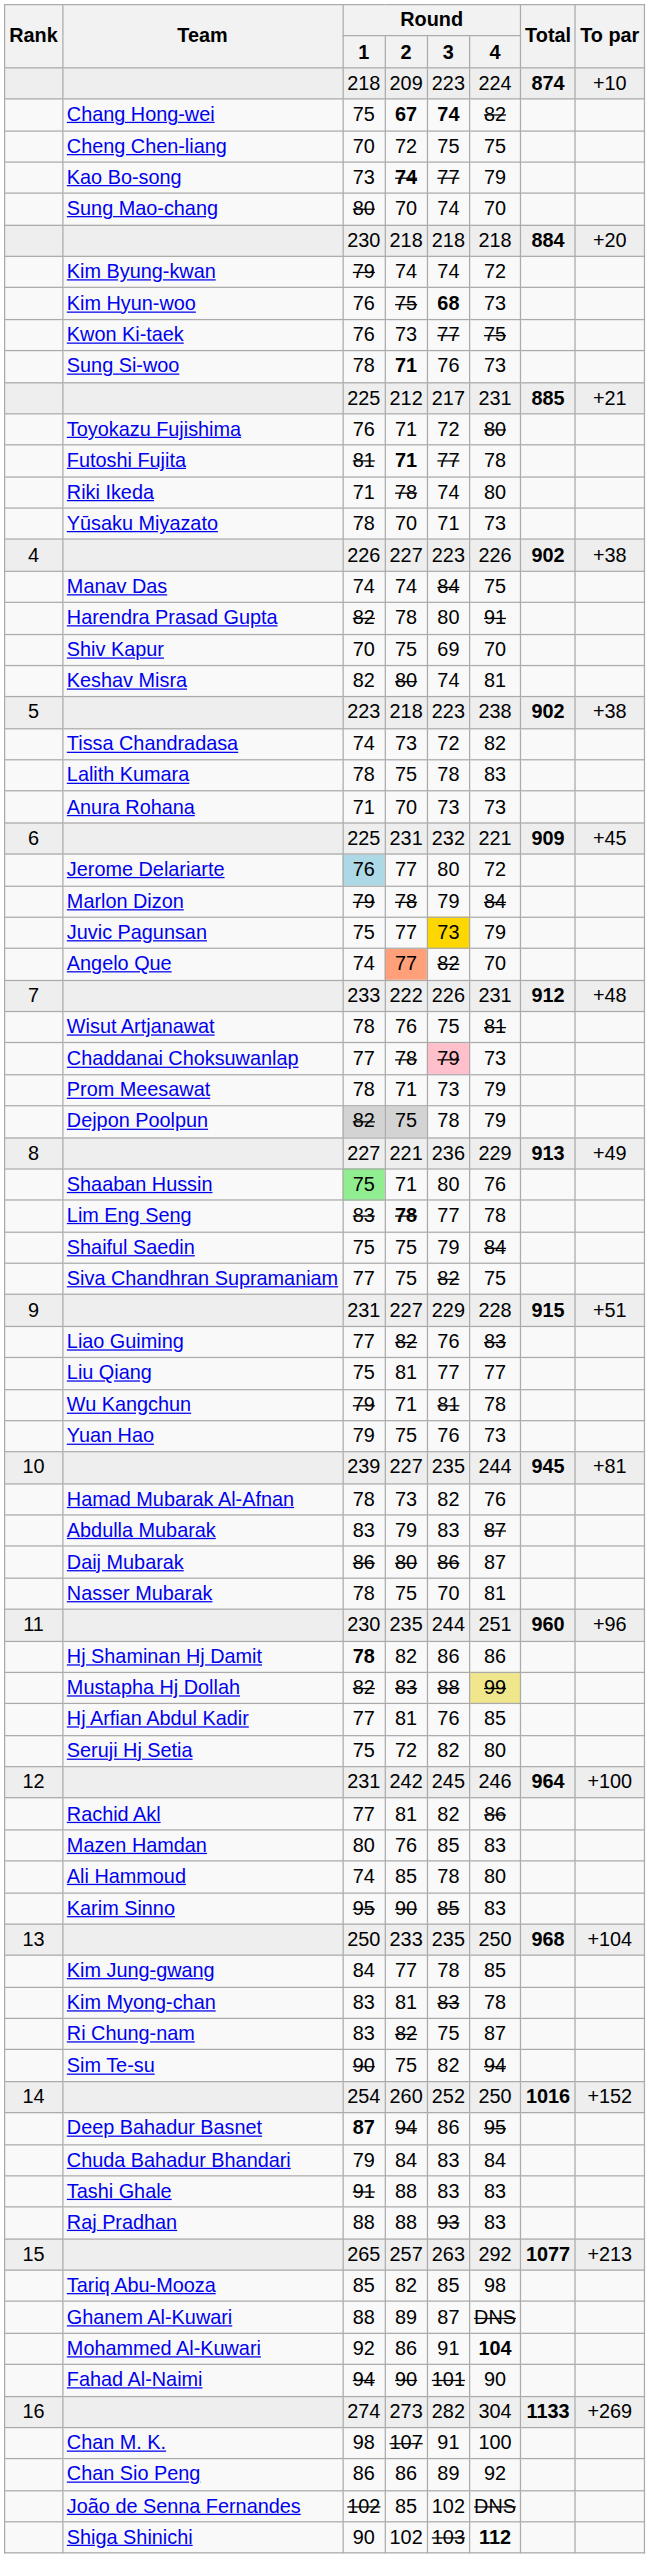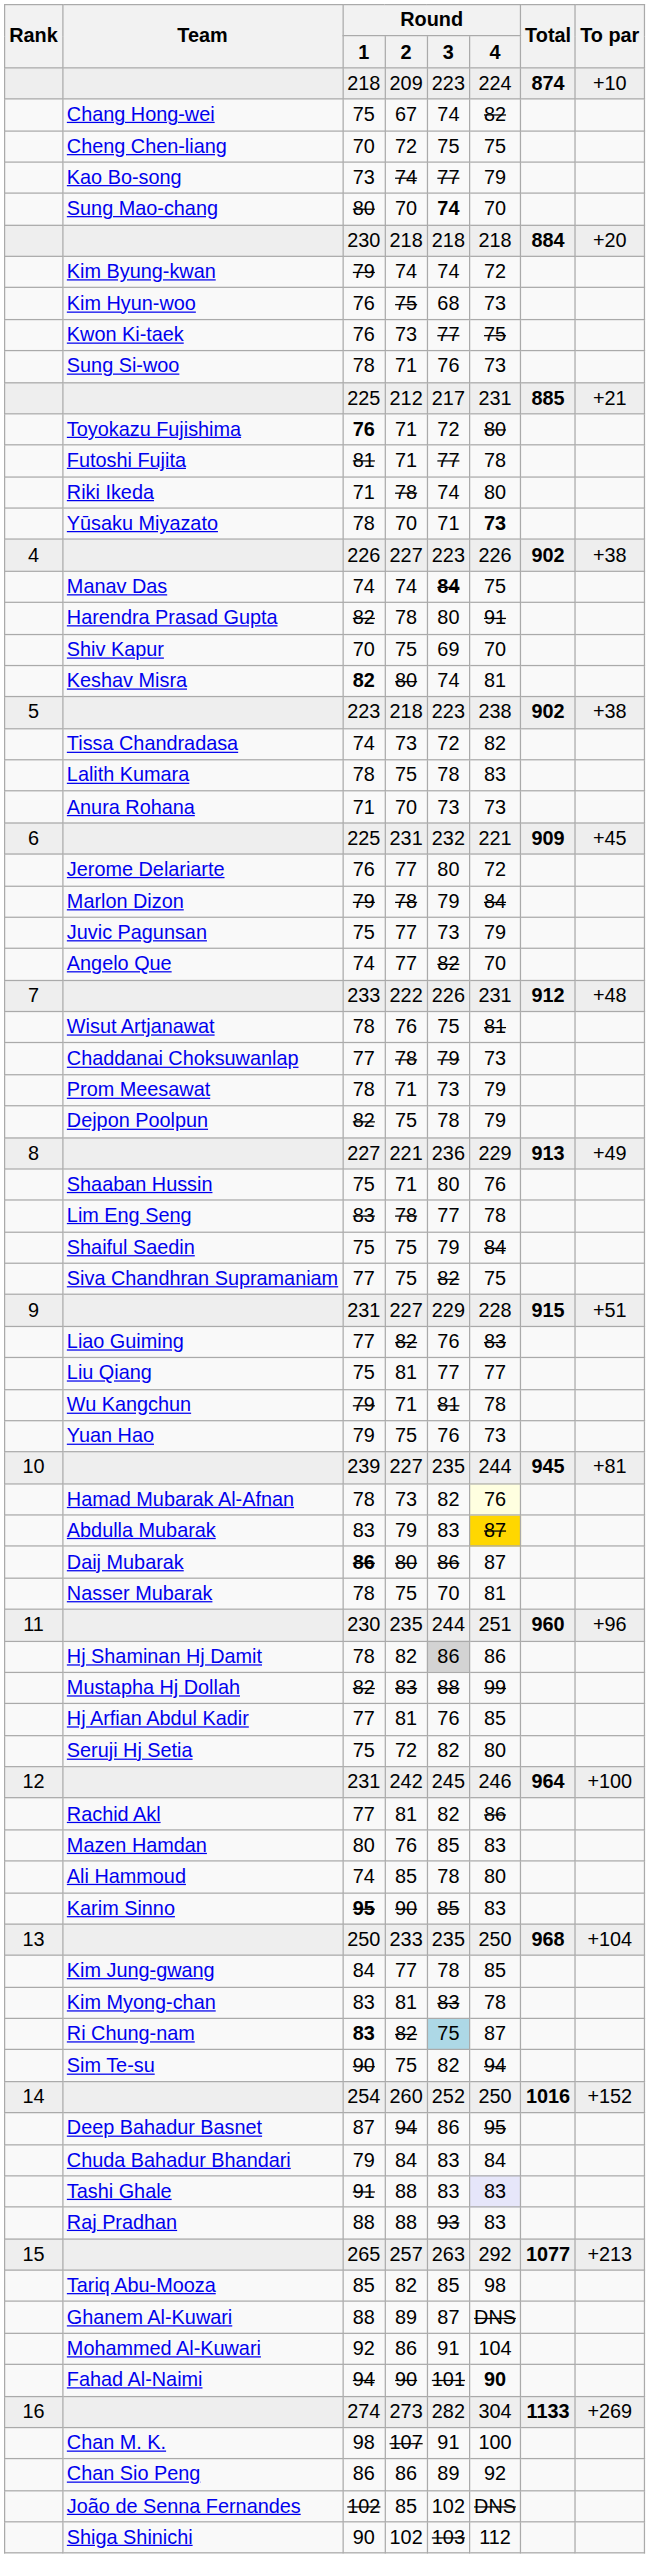 <table class=wikitable style="text-align:center">
 <tr>
 <th rowspan="2">Rank</th>
 <th rowspan="2">Team</th>
 <th colspan="4">Round</th>
 <th rowspan="2">Total</th>
 <th rowspan="2">To par</th>
 </tr>
 <tr>
 <th>1</th>
 <th>2</th>
 <th>3</th>
 <th>4</th>
 </tr>
 <tr style="background:#eeeeee;">
 <td></td>
 <td align=left></td>
 <td>218</td>
 <td>209</td>
 <td>223</td>
 <td>224</td>
 <td><strong>874</strong></td>
 <td>+10</td>
 </tr>
 <tr>
 <td></td>
 <td align=left><a href='#'>Chang Hong-wei</a></td>
 <td>75</td>
-<td><strong>67</strong></td>
-<td><strong>74</strong></td>
+<td>67</td>
+<td>74</td>
 <td><s>82</s></td>
 <td></td>
 <td></td>
 </tr>
 <tr>
 <td></td>
 <td align=left><a href='#'>Cheng Chen-liang</a></td>
 <td>70</td>
 <td>72</td>
 <td>75</td>
 <td>75</td>
 <td></td>
 <td></td>
 </tr>
 <tr>
 <td></td>
 <td align=left><a href='#'>Kao Bo-song</a></td>
 <td>73</td>
-<td><strong><s>74</s></strong></td>
+<td><s>74</s></td>
 <td><s>77</s></td>
 <td>79</td>
 <td></td>
 <td></td>
 </tr>
 <tr>
 <td></td>
 <td align=left><a href='#'>Sung Mao-chang</a></td>
 <td><s>80</s></td>
 <td>70</td>
-<td>74</td>
+<td><strong>74</strong></td>
 <td>70</td>
 <td></td>
 <td></td>
 </tr>
 <tr style="background:#eeeeee;">
 <td></td>
 <td align=left></td>
 <td>230</td>
 <td>218</td>
 <td>218</td>
 <td>218</td>
 <td><strong>884</strong></td>
 <td>+20</td>
 </tr>
 <tr>
 <td></td>
 <td align=left><a href='#'>Kim Byung-kwan</a></td>
 <td><s>79</s></td>
 <td>74</td>
 <td>74</td>
 <td>72</td>
 <td></td>
 <td></td>
 </tr>
 <tr>
 <td></td>
 <td align=left><a href='#'>Kim Hyun-woo</a></td>
 <td>76</td>
 <td><s>75</s></td>
-<td><strong>68</strong></td>
+<td>68</td>
 <td>73</td>
 <td></td>
 <td></td>
 </tr>
 <tr>
 <td></td>
 <td align=left><a href='#'>Kwon Ki-taek</a></td>
 <td>76</td>
 <td>73</td>
 <td><s>77</s></td>
 <td><s>75</s></td>
 <td></td>
 <td></td>
 </tr>
 <tr>
 <td></td>
 <td align=left><a href='#'>Sung Si-woo</a></td>
 <td>78</td>
-<td><strong>71</strong></td>
+<td>71</td>
 <td>76</td>
 <td>73</td>
 <td></td>
 <td></td>
 </tr>
 <tr style="background:#eeeeee;">
 <td></td>
 <td align=left></td>
 <td>225</td>
 <td>212</td>
 <td>217</td>
 <td>231</td>
 <td><strong>885</strong></td>
 <td>+21</td>
 </tr>
 <tr>
 <td></td>
 <td align=left><a href='#'>Toyokazu Fujishima</a></td>
-<td>76</td>
+<td><strong>76</strong></td>
 <td>71</td>
 <td>72</td>
 <td><s>80</s></td>
 <td></td>
 <td></td>
 </tr>
 <tr>
 <td></td>
 <td align=left><a href='#'>Futoshi Fujita</a></td>
 <td><s>81</s></td>
-<td><strong>71</strong></td>
+<td>71</td>
 <td><s>77</s></td>
 <td>78</td>
 <td></td>
 <td></td>
 </tr>
 <tr>
 <td></td>
 <td align=left><a href='#'>Riki Ikeda</a></td>
 <td>71</td>
 <td><s>78</s></td>
 <td>74</td>
 <td>80</td>
 <td></td>
 <td></td>
 </tr>
 <tr>
 <td></td>
 <td align=left><a href='#'>Yūsaku Miyazato</a></td>
 <td>78</td>
 <td>70</td>
 <td>71</td>
-<td>73</td>
+<td><strong>73</strong></td>
 <td></td>
 <td></td>
 </tr>
 <tr style="background:#eeeeee;">
 <td>4</td>
 <td align=left></td>
 <td>226</td>
 <td>227</td>
 <td>223</td>
 <td>226</td>
 <td><strong>902</strong></td>
 <td>+38</td>
 </tr>
 <tr>
 <td></td>
 <td align=left><a href='#'>Manav Das</a></td>
 <td>74</td>
 <td>74</td>
-<td><s>84</s></td>
+<td><strong><s>84</s></strong></td>
 <td>75</td>
 <td></td>
 <td></td>
 </tr>
 <tr>
 <td></td>
 <td align=left><a href='#'>Harendra Prasad Gupta</a></td>
 <td><s>82</s></td>
 <td>78</td>
 <td>80</td>
 <td><s>91</s></td>
 <td></td>
 <td></td>
 </tr>
 <tr>
 <td></td>
 <td align=left><a href='#'>Shiv Kapur</a></td>
 <td>70</td>
 <td>75</td>
 <td>69</td>
 <td>70</td>
 <td></td>
 <td></td>
 </tr>
 <tr>
 <td></td>
 <td align=left><a href='#'>Keshav Misra</a></td>
-<td>82</td>
+<td><strong>82</strong></td>
 <td><s>80</s></td>
 <td>74</td>
 <td>81</td>
 <td></td>
 <td></td>
 </tr>
 <tr style="background:#eeeeee;">
 <td>5</td>
 <td align=left></td>
 <td>223</td>
 <td>218</td>
 <td>223</td>
 <td>238</td>
 <td><strong>902</strong></td>
 <td>+38</td>
 </tr>
 <tr>
 <td></td>
 <td align=left><a href='#'>Tissa Chandradasa</a></td>
 <td>74</td>
 <td>73</td>
 <td>72</td>
 <td>82</td>
 <td></td>
 <td></td>
 </tr>
 <tr>
 <td></td>
 <td align=left><a href='#'>Lalith Kumara</a></td>
 <td>78</td>
 <td>75</td>
 <td>78</td>
 <td>83</td>
 <td></td>
 <td></td>
 </tr>
 <tr>
 <td></td>
 <td align=left><a href='#'>Anura Rohana</a></td>
 <td>71</td>
 <td>70</td>
 <td>73</td>
 <td>73</td>
 <td></td>
 <td></td>
 </tr>
 <tr style="background:#eeeeee;">
 <td>6</td>
 <td align=left></td>
 <td>225</td>
 <td>231</td>
 <td>232</td>
 <td>221</td>
 <td><strong>909</strong></td>
 <td>+45</td>
 </tr>
 <tr>
 <td></td>
 <td align=left><a href='#'>Jerome Delariarte</a></td>
-<td style="background: lightblue;">76</td>
+<td>76</td>
 <td>77</td>
 <td>80</td>
 <td>72</td>
 <td></td>
 <td></td>
 </tr>
 <tr>
 <td></td>
 <td align=left><a href='#'>Marlon Dizon</a></td>
 <td><s>79</s></td>
 <td><s>78</s></td>
 <td>79</td>
 <td><s>84</s></td>
 <td></td>
 <td></td>
 </tr>
 <tr>
 <td></td>
 <td align=left><a href='#'>Juvic Pagunsan</a></td>
 <td>75</td>
 <td>77</td>
-<td style="background: gold;">73</td>
+<td>73</td>
 <td>79</td>
 <td></td>
 <td></td>
 </tr>
 <tr>
 <td></td>
 <td align=left><a href='#'>Angelo Que</a></td>
 <td>74</td>
-<td style="background: lightsalmon;">77</td>
+<td>77</td>
 <td><s>82</s></td>
 <td>70</td>
 <td></td>
 <td></td>
 </tr>
 <tr style="background:#eeeeee;">
 <td>7</td>
 <td align=left></td>
 <td>233</td>
 <td>222</td>
 <td>226</td>
 <td>231</td>
 <td><strong>912</strong></td>
 <td>+48</td>
 </tr>
 <tr>
 <td></td>
 <td align=left><a href='#'>Wisut Artjanawat</a></td>
 <td>78</td>
 <td>76</td>
 <td>75</td>
 <td><s>81</s></td>
 <td></td>
 <td></td>
 </tr>
 <tr>
 <td></td>
 <td align=left><a href='#'>Chaddanai Choksuwanlap</a></td>
 <td>77</td>
 <td><s>78</s></td>
-<td style="background: pink;"><s>79</s></td>
+<td><s>79</s></td>
 <td>73</td>
 <td></td>
 <td></td>
 </tr>
 <tr>
 <td></td>
 <td align=left><a href='#'>Prom Meesawat</a></td>
 <td>78</td>
 <td>71</td>
 <td>73</td>
 <td>79</td>
 <td></td>
 <td></td>
 </tr>
 <tr>
 <td></td>
 <td align=left><a href='#'>Dejpon Poolpun</a></td>
-<td style="background: lightgrey;"><s>82</s></td>
-<td style="background: lightgrey;">75</td>
+<td><s>82</s></td>
+<td>75</td>
 <td>78</td>
 <td>79</td>
 <td></td>
 <td></td>
 </tr>
 <tr style="background:#eeeeee;">
 <td>8</td>
 <td align=left></td>
 <td>227</td>
 <td>221</td>
 <td>236</td>
 <td>229</td>
 <td><strong>913</strong></td>
 <td>+49</td>
 </tr>
 <tr>
 <td></td>
 <td align=left><a href='#'>Shaaban Hussin</a></td>
-<td style="background: lightgreen;">75</td>
+<td>75</td>
 <td>71</td>
 <td>80</td>
 <td>76</td>
 <td></td>
 <td></td>
 </tr>
 <tr>
 <td></td>
 <td align=left><a href='#'>Lim Eng Seng</a></td>
 <td><s>83</s></td>
-<td><strong><s>78</s></strong></td>
+<td><s>78</s></td>
 <td>77</td>
 <td>78</td>
 <td></td>
 <td></td>
 </tr>
 <tr>
 <td></td>
 <td align=left><a href='#'>Shaiful Saedin</a></td>
 <td>75</td>
 <td>75</td>
 <td>79</td>
 <td><s>84</s></td>
 <td></td>
 <td></td>
 </tr>
 <tr>
 <td></td>
 <td align=left><a href='#'>Siva Chandhran Supramaniam</a></td>
 <td>77</td>
 <td>75</td>
 <td><s>82</s></td>
 <td>75</td>
 <td></td>
 <td></td>
 </tr>
 <tr style="background:#eeeeee;">
 <td>9</td>
 <td align=left></td>
 <td>231</td>
 <td>227</td>
 <td>229</td>
 <td>228</td>
 <td><strong>915</strong></td>
 <td>+51</td>
 </tr>
 <tr>
 <td></td>
 <td align=left><a href='#'>Liao Guiming</a></td>
 <td>77</td>
 <td><s>82</s></td>
 <td>76</td>
 <td><s>83</s></td>
 <td></td>
 <td></td>
 </tr>
 <tr>
 <td></td>
 <td align=left><a href='#'>Liu Qiang</a></td>
 <td>75</td>
 <td>81</td>
 <td>77</td>
 <td>77</td>
 <td></td>
 <td></td>
 </tr>
 <tr>
 <td></td>
 <td align=left><a href='#'>Wu Kangchun</a></td>
 <td><s>79</s></td>
 <td>71</td>
 <td><s>81</s></td>
 <td>78</td>
 <td></td>
 <td></td>
 </tr>
 <tr>
 <td></td>
 <td align=left><a href='#'>Yuan Hao</a></td>
 <td>79</td>
 <td>75</td>
 <td>76</td>
 <td>73</td>
 <td></td>
 <td></td>
 </tr>
 <tr style="background:#eeeeee;">
 <td>10</td>
 <td align=left></td>
 <td>239</td>
 <td>227</td>
 <td>235</td>
 <td>244</td>
 <td><strong>945</strong></td>
 <td>+81</td>
 </tr>
 <tr>
 <td></td>
 <td align=left><a href='#'>Hamad Mubarak Al-Afnan</a></td>
 <td>78</td>
 <td>73</td>
 <td>82</td>
-<td>76</td>
+<td style="background: lightyellow;">76</td>
 <td></td>
 <td></td>
 </tr>
 <tr>
 <td></td>
 <td align=left><a href='#'>Abdulla Mubarak</a></td>
 <td>83</td>
 <td>79</td>
 <td>83</td>
-<td><s>87</s></td>
+<td style="background: gold;"><s>87</s></td>
 <td></td>
 <td></td>
 </tr>
 <tr>
 <td></td>
 <td align=left><a href='#'>Daij Mubarak</a></td>
-<td><s>86</s></td>
+<td><strong><s>86</s></strong></td>
 <td><s>80</s></td>
 <td><s>86</s></td>
 <td>87</td>
 <td></td>
 <td></td>
 </tr>
 <tr>
 <td></td>
 <td align=left><a href='#'>Nasser Mubarak</a></td>
 <td>78</td>
 <td>75</td>
 <td>70</td>
 <td>81</td>
 <td></td>
 <td></td>
 </tr>
 <tr style="background:#eeeeee;">
 <td>11</td>
 <td align=left></td>
 <td>230</td>
 <td>235</td>
 <td>244</td>
 <td>251</td>
 <td><strong>960</strong></td>
 <td>+96</td>
 </tr>
 <tr>
 <td></td>
 <td align=left><a href='#'>Hj Shaminan Hj Damit</a></td>
-<td><strong>78</strong></td>
+<td>78</td>
 <td>82</td>
-<td>86</td>
+<td style="background: lightgrey;">86</td>
 <td>86</td>
 <td></td>
 <td></td>
 </tr>
 <tr>
 <td></td>
 <td align=left><a href='#'>Mustapha Hj Dollah</a></td>
 <td><s>82</s></td>
 <td><s>83</s></td>
 <td><s>88</s></td>
-<td style="background: khaki;"><s>99</s></td>
+<td><s>99</s></td>
 <td></td>
 <td></td>
 </tr>
 <tr>
 <td></td>
 <td align=left><a href='#'>Hj Arfian Abdul Kadir</a></td>
 <td>77</td>
 <td>81</td>
 <td>76</td>
 <td>85</td>
 <td></td>
 <td></td>
 </tr>
 <tr>
 <td></td>
 <td align=left><a href='#'>Seruji Hj Setia</a></td>
 <td>75</td>
 <td>72</td>
 <td>82</td>
 <td>80</td>
 <td></td>
 <td></td>
 </tr>
 <tr style="background:#eeeeee;">
 <td>12</td>
 <td align=left></td>
 <td>231</td>
 <td>242</td>
 <td>245</td>
 <td>246</td>
 <td><strong>964</strong></td>
 <td>+100</td>
 </tr>
 <tr>
 <td></td>
 <td align=left><a href='#'>Rachid Akl</a></td>
 <td>77</td>
 <td>81</td>
 <td>82</td>
 <td><s>86</s></td>
 <td></td>
 <td></td>
 </tr>
 <tr>
 <td></td>
 <td align=left><a href='#'>Mazen Hamdan</a></td>
 <td>80</td>
 <td>76</td>
 <td>85</td>
 <td>83</td>
 <td></td>
 <td></td>
 </tr>
 <tr>
 <td></td>
 <td align=left><a href='#'>Ali Hammoud</a></td>
 <td>74</td>
 <td>85</td>
 <td>78</td>
 <td>80</td>
 <td></td>
 <td></td>
 </tr>
 <tr>
 <td></td>
 <td align=left><a href='#'>Karim Sinno</a></td>
-<td><s>95</s></td>
+<td><strong><s>95</s></strong></td>
 <td><s>90</s></td>
 <td><s>85</s></td>
 <td>83</td>
 <td></td>
 <td></td>
 </tr>
 <tr style="background:#eeeeee;">
 <td>13</td>
 <td align=left></td>
 <td>250</td>
 <td>233</td>
 <td>235</td>
 <td>250</td>
 <td><strong>968</strong></td>
 <td>+104</td>
 </tr>
 <tr>
 <td></td>
 <td align=left><a href='#'>Kim Jung-gwang</a></td>
 <td>84</td>
 <td>77</td>
 <td>78</td>
 <td>85</td>
 <td></td>
 <td></td>
 </tr>
 <tr>
 <td></td>
 <td align=left><a href='#'>Kim Myong-chan</a></td>
 <td>83</td>
 <td>81</td>
 <td><s>83</s></td>
 <td>78</td>
 <td></td>
 <td></td>
 </tr>
 <tr>
 <td></td>
 <td align=left><a href='#'>Ri Chung-nam</a></td>
-<td>83</td>
+<td><strong>83</strong></td>
 <td><s>82</s></td>
-<td>75</td>
+<td style="background: lightblue;">75</td>
 <td>87</td>
 <td></td>
 <td></td>
 </tr>
 <tr>
 <td></td>
 <td align=left><a href='#'>Sim Te-su</a></td>
 <td><s>90</s></td>
 <td>75</td>
 <td>82</td>
 <td><s>94</s></td>
 <td></td>
 <td></td>
 </tr>
 <tr style="background:#eeeeee;">
 <td>14</td>
 <td align=left></td>
 <td>254</td>
 <td>260</td>
 <td>252</td>
 <td>250</td>
 <td><strong>1016</strong></td>
 <td>+152</td>
 </tr>
 <tr>
 <td></td>
 <td align=left><a href='#'>Deep Bahadur Basnet</a></td>
-<td><strong>87</strong></td>
+<td>87</td>
 <td><s>94</s></td>
 <td>86</td>
 <td><s>95</s></td>
 <td></td>
 <td></td>
 </tr>
 <tr>
 <td></td>
 <td align=left><a href='#'>Chuda Bahadur Bhandari</a></td>
 <td>79</td>
 <td>84</td>
 <td>83</td>
 <td>84</td>
 <td></td>
 <td></td>
 </tr>
 <tr>
 <td></td>
 <td align=left><a href='#'>Tashi Ghale</a></td>
 <td><s>91</s></td>
 <td>88</td>
 <td>83</td>
-<td>83</td>
+<td style="background: lavender;">83</td>
 <td></td>
 <td></td>
 </tr>
 <tr>
 <td></td>
 <td align=left><a href='#'>Raj Pradhan</a></td>
 <td>88</td>
 <td>88</td>
 <td><s>93</s></td>
 <td>83</td>
 <td></td>
 <td></td>
 </tr>
 <tr style="background:#eeeeee;">
 <td>15</td>
 <td align=left></td>
 <td>265</td>
 <td>257</td>
 <td>263</td>
 <td>292</td>
 <td><strong>1077</strong></td>
 <td>+213</td>
 </tr>
 <tr>
 <td></td>
 <td align=left><a href='#'>Tariq Abu-Mooza</a></td>
 <td>85</td>
 <td>82</td>
 <td>85</td>
 <td>98</td>
 <td></td>
 <td></td>
 </tr>
 <tr>
 <td></td>
 <td align=left><a href='#'>Ghanem Al-Kuwari</a></td>
 <td>88</td>
 <td>89</td>
 <td>87</td>
 <td><s>DNS</s></td>
 <td></td>
 <td></td>
 </tr>
 <tr>
 <td></td>
 <td align=left><a href='#'>Mohammed Al-Kuwari</a></td>
 <td>92</td>
 <td>86</td>
 <td>91</td>
-<td><strong>104</strong></td>
+<td>104</td>
 <td></td>
 <td></td>
 </tr>
 <tr>
 <td></td>
 <td align=left><a href='#'>Fahad Al-Naimi</a></td>
 <td><s>94</s></td>
 <td><s>90</s></td>
 <td><s>101</s></td>
-<td>90</td>
+<td><strong>90</strong></td>
 <td></td>
 <td></td>
 </tr>
 <tr style="background:#eeeeee;">
 <td>16</td>
 <td align=left></td>
 <td>274</td>
 <td>273</td>
 <td>282</td>
 <td>304</td>
 <td><strong>1133</strong></td>
 <td>+269</td>
 </tr>
 <tr>
 <td></td>
 <td align=left><a href='#'>Chan M. K.</a></td>
 <td>98</td>
 <td><s>107</s></td>
 <td>91</td>
 <td>100</td>
 <td></td>
 <td></td>
 </tr>
 <tr>
 <td></td>
 <td align=left><a href='#'>Chan Sio Peng</a></td>
 <td>86</td>
 <td>86</td>
 <td>89</td>
 <td>92</td>
 <td></td>
 <td></td>
 </tr>
 <tr>
 <td></td>
 <td align=left><a href='#'>João de Senna Fernandes</a></td>
 <td><s>102</s></td>
 <td>85</td>
 <td>102</td>
 <td><s>DNS</s></td>
 <td></td>
 <td></td>
 </tr>
 <tr>
 <td></td>
 <td align=left><a href='#'>Shiga Shinichi</a></td>
 <td>90</td>
 <td>102</td>
 <td><s>103</s></td>
-<td><strong>112</strong></td>
+<td>112</td>
 <td></td>
 <td></td>
 </tr>
 </table>
